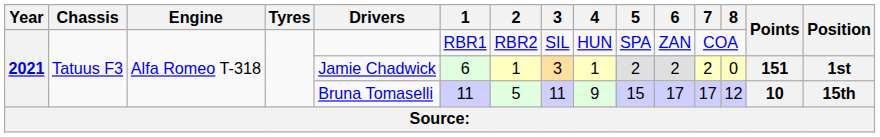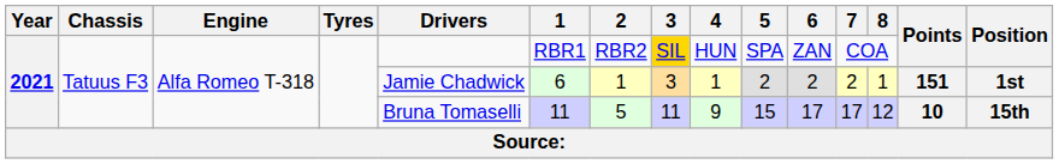 <table class="wikitable" style="text-align:center; font-size:85%">
 <tr>
 <th>Year</th>
 <th>Chassis</th>
 <th>Engine</th>
 <th>Tyres</th>
 <th>Drivers</th>
 <th>1</th>
 <th>2</th>
 <th>3</th>
 <th>4</th>
 <th>5</th>
 <th>6</th>
 <th>7</th>
 <th>8</th>
 <th rowspan="2">Points</th>
 <th rowspan="2">Position</th>
 </tr>
 <tr>
 <th rowspan="3"><a href='#'>2021</a></th>
 <td rowspan="3"><a href='#'>Tatuus F3</a></td>
 <td rowspan="3"><a href='#'>Alfa Romeo</a> T-318</td>
 <td rowspan="3"></td>
 <td></td>
 <td><a href='#'>RBR1</a></td>
 <td><a href='#'>RBR2</a></td>
-<td><a href='#'>SIL</a></td>
+<td style="background: gold;"><a href='#'>SIL</a></td>
 <td><a href='#'>HUN</a></td>
 <td><a href='#'>SPA</a></td>
 <td><a href='#'>ZAN</a></td>
 <td colspan="2"><a href='#'>COA</a></td>
 </tr>
 <tr>
 <td align="left"> <a href='#'>Jamie Chadwick</a></td>
 <td style="background:#dfffdf;">6</td>
 <td style="background:#ffffbf">1</td>
 <td style="background:#ffdf9f">3</td>
 <td style="background:#ffffbf">1</td>
 <td style="background:#dfdfdf">2</td>
 <td style="background:#dfdfdf">2</td>
 <td style="background:#ffffbf">2</td>
-<td style="background:#ffffbf">0</td>
+<td style="background:#ffffbf">1</td>
 <th>151</th>
 <th>1st</th>
 </tr>
 <tr>
 <td align="left"> <a href='#'>Bruna Tomaselli</a></td>
 <td style="background:#cfcfff;">11</td>
 <td style="background:#dfffdf;">5</td>
 <td style="background:#cfcfff;">11</td>
 <td style="background:#dfffdf;">9</td>
 <td style="background:#cfcfff;">15</td>
 <td style="background:#cfcfff;">17</td>
 <td style="background:#cfcfff;">17</td>
 <td style="background:#cfcfff;">12</td>
 <th rowspan="1">10</th>
 <th rowspan="1">15th</th>
 </tr>
 <tr>
 <th colspan="15">Source:</th>
 </tr>
 </table>
